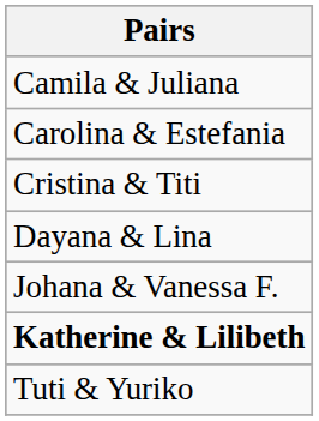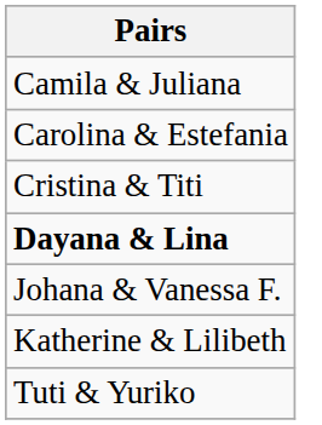 <table class="wikitable">
 <tr>
 <th><strong>Pairs</strong></th>
 </tr>
 <tr>
 <td>Camila & Juliana</td>
 </tr>
 <tr>
 <td>Carolina & Estefania</td>
 </tr>
 <tr>
 <td>Cristina & Titi</td>
 </tr>
 <tr>
-<td>Dayana & Lina</td>
+<td><strong>Dayana & Lina</strong></td>
 </tr>
 <tr>
 <td>Johana & Vanessa F.</td>
 </tr>
 <tr>
-<td><strong>Katherine & Lilibeth</strong></td>
+<td>Katherine & Lilibeth</td>
 </tr>
 <tr>
 <td>Tuti & Yuriko</td>
 </tr>
 </table>
